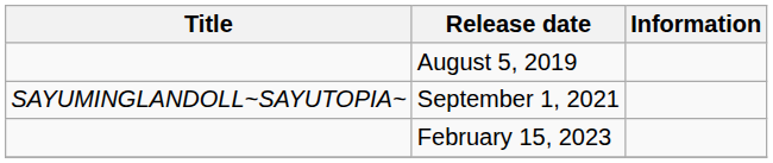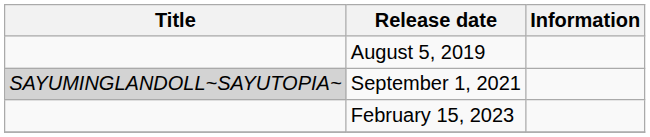 <table class="wikitable">
 <tr>
 <th>Title</th>
 <th>Release date</th>
 <th>Information</th>
 </tr>
 <tr>
 <td></td>
 <td>August 5, 2019</td>
 <td></td>
 </tr>
 <tr>
-<td><em>SAYUMINGLANDOLL~SAYUTOPIA~</em></td>
+<td style="background: lightgrey;"><em>SAYUMINGLANDOLL~SAYUTOPIA~</em></td>
 <td>September 1, 2021</td>
 <td></td>
 </tr>
 <tr>
 <td></td>
 <td>February 15, 2023</td>
 <td></td>
 </tr>
 <tr>
 </tr>
 </table>
